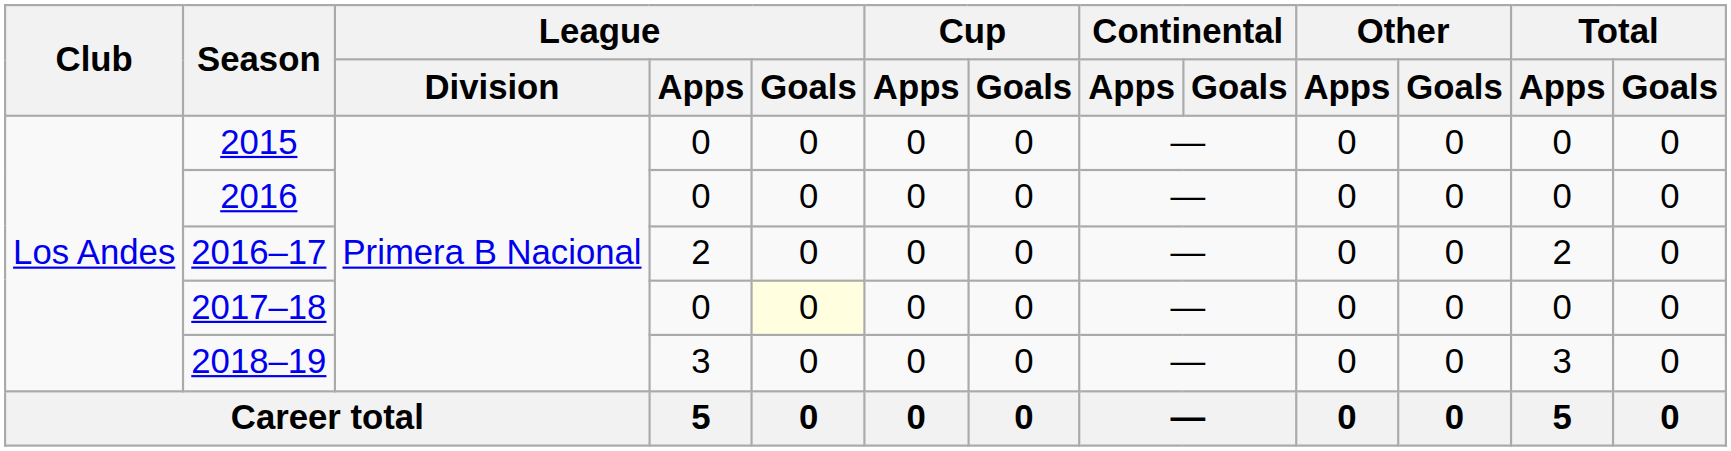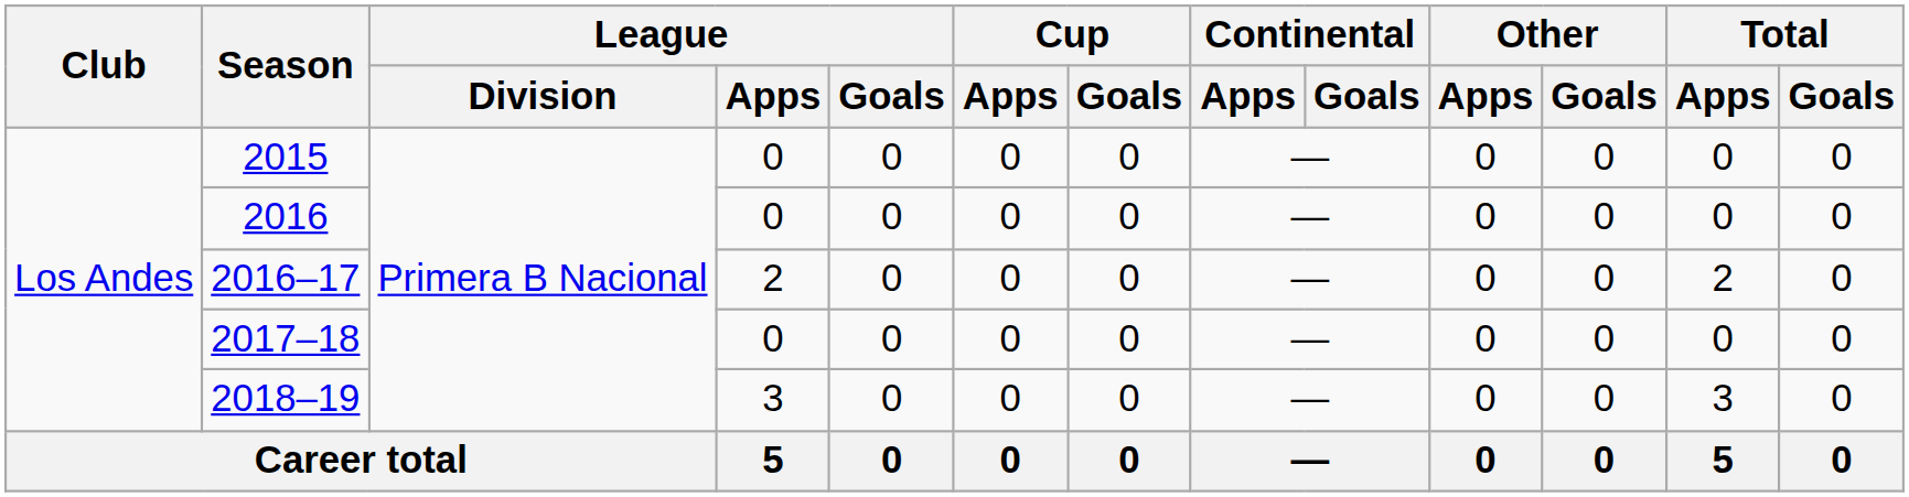 <table class="wikitable" style="text-align:center">
 <tr>
 <th rowspan="2">Club</th>
 <th rowspan="2">Season</th>
 <th colspan="3">League</th>
 <th colspan="2">Cup</th>
 <th colspan="2">Continental</th>
 <th colspan="2">Other</th>
 <th colspan="2">Total</th>
 </tr>
 <tr>
 <th>Division</th>
 <th>Apps</th>
 <th>Goals</th>
 <th>Apps</th>
 <th>Goals</th>
 <th>Apps</th>
 <th>Goals</th>
 <th>Apps</th>
 <th>Goals</th>
 <th>Apps</th>
 <th>Goals</th>
 </tr>
 <tr>
 <td rowspan="5"><a href='#'>Los Andes</a></td>
 <td><a href='#'>2015</a></td>
 <td rowspan="5"><a href='#'>Primera B Nacional</a></td>
 <td>0</td>
 <td>0</td>
 <td>0</td>
 <td>0</td>
 <td colspan="2">—</td>
 <td>0</td>
 <td>0</td>
 <td>0</td>
 <td>0</td>
 </tr>
 <tr>
 <td><a href='#'>2016</a></td>
 <td>0</td>
 <td>0</td>
 <td>0</td>
 <td>0</td>
 <td colspan="2">—</td>
 <td>0</td>
 <td>0</td>
 <td>0</td>
 <td>0</td>
 </tr>
 <tr>
 <td><a href='#'>2016–17</a></td>
 <td>2</td>
 <td>0</td>
 <td>0</td>
 <td>0</td>
 <td colspan="2">—</td>
 <td>0</td>
 <td>0</td>
 <td>2</td>
 <td>0</td>
 </tr>
 <tr>
 <td><a href='#'>2017–18</a></td>
 <td>0</td>
-<td style="background: lightyellow;">0</td>
+<td>0</td>
 <td>0</td>
 <td>0</td>
 <td colspan="2">—</td>
 <td>0</td>
 <td>0</td>
 <td>0</td>
 <td>0</td>
 </tr>
 <tr>
 <td><a href='#'>2018–19</a></td>
 <td>3</td>
 <td>0</td>
 <td>0</td>
 <td>0</td>
 <td colspan="2">—</td>
 <td>0</td>
 <td>0</td>
 <td>3</td>
 <td>0</td>
 </tr>
 <tr>
 <th colspan="3">Career total</th>
 <th>5</th>
 <th>0</th>
 <th>0</th>
 <th>0</th>
 <th colspan="2">—</th>
 <th>0</th>
 <th>0</th>
 <th>5</th>
 <th>0</th>
 </tr>
 </table>
